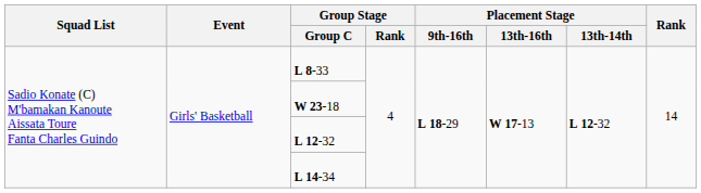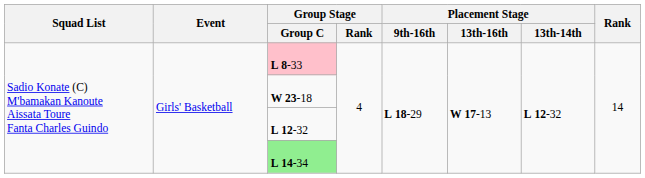 <table class="wikitable" width="90%" style="text-align:left; font-size:90%">
 <tr>
 <th rowspan="2">Squad List</th>
 <th rowspan="2">Event</th>
 <th colspan="2">Group Stage</th>
 <th colspan="3">Placement Stage</th>
 <th rowspan="2">Rank</th>
 </tr>
 <tr>
 <th>Group C</th>
 <th>Rank</th>
 <th>9th-16th</th>
 <th>13th-16th</th>
 <th>13th-14th</th>
 </tr>
 <tr>
 <td rowspan="4"><a href='#'>Sadio Konate</a> (C)<br><a href='#'>M'bamakan Kanoute</a><br><a href='#'>Aissata Toure</a><br><a href='#'>Fanta Charles Guindo</a></td>
 <td rowspan="4"><a href='#'>Girls' Basketball</a></td>
-<td><br> <strong>L</strong> <strong>8</strong>-33</td>
+<td style="background: pink;"><br> <strong>L</strong> <strong>8</strong>-33</td>
 <td rowspan="4" align=center>4</td>
 <td rowspan="4"> <br> <strong>L</strong> <strong>18</strong>-29</td>
 <td rowspan="4"> <br> <strong>W</strong> <strong>17</strong>-13</td>
 <td rowspan="4"> <br> <strong>L</strong> <strong>12</strong>-32</td>
 <td rowspan="4" align="center">14</td>
 </tr>
 <tr>
 <td><br> <strong>W</strong> <strong>23</strong>-18</td>
 </tr>
 <tr>
 <td><br> <strong>L</strong> <strong>12</strong>-32</td>
 </tr>
 <tr>
-<td><br> <strong>L</strong> <strong>14</strong>-34</td>
+<td style="background: lightgreen;"><br> <strong>L</strong> <strong>14</strong>-34</td>
 </tr>
 </table>
